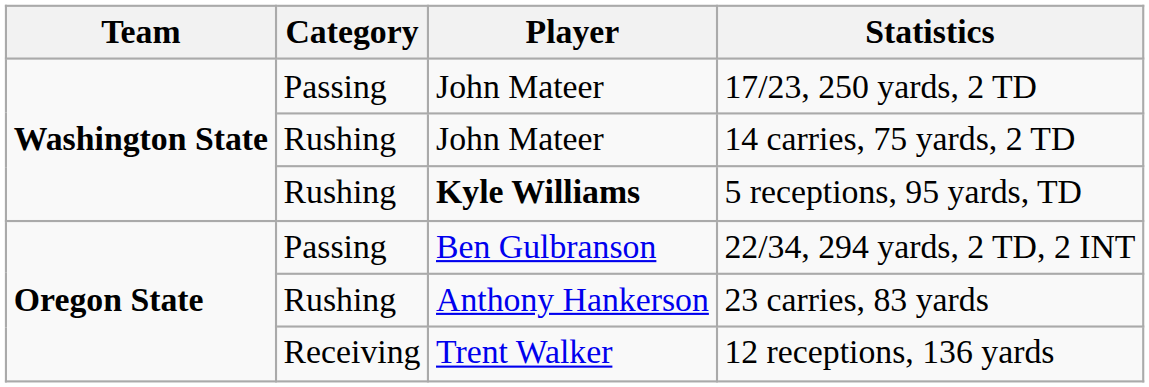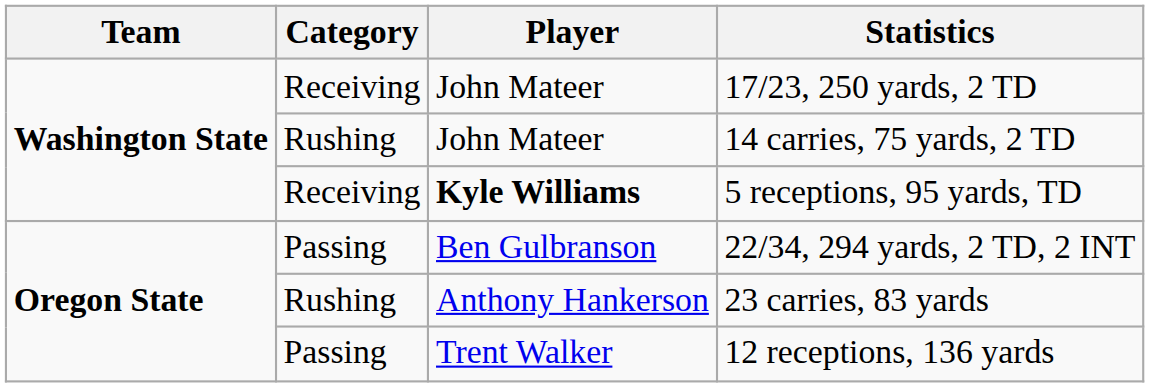 <table class="wikitable" style="float: right;">
 <tr>
 <th>Team</th>
 <th>Category</th>
 <th>Player</th>
 <th>Statistics</th>
 </tr>
 <tr>
 <td rowspan=3><strong>Washington State</strong></td>
-<td>Passing</td>
+<td>Receiving</td>
 <td>John Mateer</td>
 <td>17/23, 250 yards, 2 TD</td>
 </tr>
 <tr>
 <td>Rushing</td>
 <td>John Mateer</td>
 <td>14 carries, 75 yards, 2 TD</td>
 </tr>
 <tr>
-<td>Rushing</td>
+<td>Receiving</td>
 <td><strong>Kyle Williams</strong></td>
 <td>5 receptions, 95 yards, TD</td>
 </tr>
 <tr>
 <td rowspan=3><strong>Oregon State</strong></td>
 <td>Passing</td>
 <td><a href='#'>Ben Gulbranson</a></td>
 <td>22/34, 294 yards, 2 TD, 2 INT</td>
 </tr>
 <tr>
 <td>Rushing</td>
 <td><a href='#'>Anthony Hankerson</a></td>
 <td>23 carries, 83 yards</td>
 </tr>
 <tr>
-<td>Receiving</td>
+<td>Passing</td>
 <td><a href='#'>Trent Walker</a></td>
 <td>12 receptions, 136 yards</td>
 </tr>
 </table>
